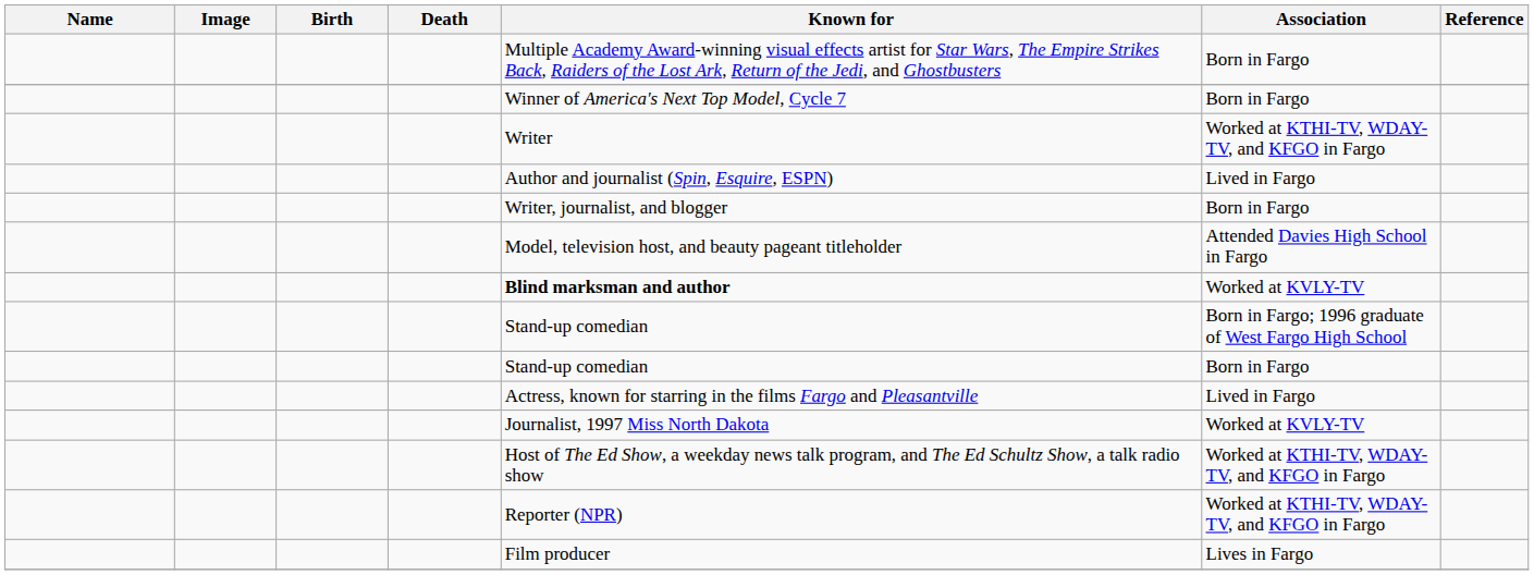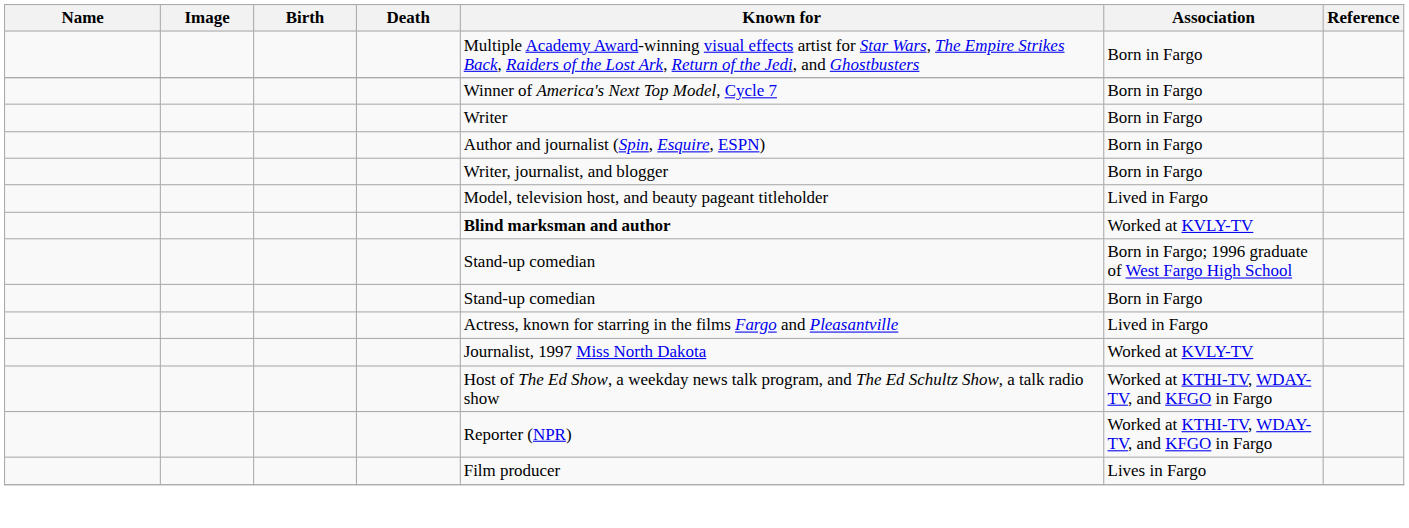 <table class="wikitable sortable">
 <tr>
 <th scope="col" width="140">Name</th>
 <th scope="col" width="80" class="unsortable">Image</th>
 <th scope="col" width="90">Birth</th>
 <th scope="col" width="90">Death</th>
 <th scope="col" width="600" class="unsortable">Known for</th>
 <th scope="col" width="200" class="unsortable">Association</th>
 <th scope="col" width="30" class="unsortable">Reference</th>
 </tr>
 <tr>
 <td></td>
 <td></td>
 <td align=right></td>
 <td></td>
 <td>Multiple <a href='#'>Academy Award</a>-winning <a href='#'>visual effects</a> artist for <em><a href='#'>Star Wars</a></em>, <em><a href='#'>The Empire Strikes Back</a></em>, <em><a href='#'>Raiders of the Lost Ark</a></em>, <em><a href='#'>Return of the Jedi</a></em>, and <em><a href='#'>Ghostbusters</a></em></td>
 <td>Born in Fargo</td>
 <td align="center"></td>
 </tr>
 <tr>
 </tr>
 <tr>
 <td></td>
 <td></td>
 <td align=right></td>
 <td></td>
 <td>Winner of <em>America's Next Top Model</em>, <a href='#'>Cycle 7</a></td>
 <td>Born in Fargo</td>
 <td align="center"></td>
 </tr>
 <tr>
 <td></td>
 <td></td>
 <td align=right></td>
 <td align=right></td>
 <td>Writer</td>
-<td>Worked at <a href='#'>KTHI-TV</a>, <a href='#'>WDAY-TV</a>, and <a href='#'>KFGO</a> in Fargo</td>
+<td>Born in Fargo</td>
 <td align="center"></td>
 </tr>
 <tr>
 <td></td>
 <td></td>
 <td align=right></td>
 <td></td>
 <td>Author and journalist (<em><a href='#'>Spin</a></em>, <em><a href='#'>Esquire</a></em>, <a href='#'>ESPN</a>)</td>
-<td>Lived in Fargo</td>
+<td>Born in Fargo</td>
 <td align="center"></td>
 </tr>
 <tr>
 <td></td>
 <td></td>
 <td align=right></td>
 <td></td>
 <td>Writer, journalist, and blogger</td>
 <td>Born in Fargo</td>
 <td align="center"></td>
 </tr>
 <tr>
 <td></td>
 <td></td>
 <td align=right></td>
 <td></td>
 <td>Model, television host, and beauty pageant titleholder</td>
-<td>Attended <a href='#'>Davies High School</a> in Fargo</td>
+<td>Lived in Fargo</td>
 <td align="center"></td>
 </tr>
 <tr>
 <td></td>
 <td></td>
 <td align=right></td>
 <td></td>
 <td><strong>Blind marksman and author</strong></td>
 <td>Worked at <a href='#'>KVLY-TV</a></td>
 <td align="center"></td>
 </tr>
 <tr>
 <td></td>
 <td></td>
 <td align=right></td>
 <td></td>
 <td>Stand-up comedian</td>
 <td>Born in Fargo; 1996 graduate of <a href='#'>West Fargo High School</a></td>
 <td align="center"></td>
 </tr>
 <tr>
 <td></td>
 <td></td>
 <td align=right></td>
 <td></td>
 <td>Stand-up comedian</td>
 <td>Born in Fargo</td>
 <td align="center"></td>
 </tr>
 <tr>
 <td></td>
 <td></td>
 <td align=right></td>
 <td></td>
 <td>Actress, known for starring in the films <em><a href='#'>Fargo</a></em> and <em><a href='#'>Pleasantville</a></em></td>
 <td>Lived in Fargo</td>
 <td align="center"></td>
 </tr>
 <tr>
 <td></td>
 <td></td>
 <td align=right></td>
 <td></td>
 <td>Journalist, 1997 <a href='#'>Miss North Dakota</a></td>
 <td>Worked at <a href='#'>KVLY-TV</a></td>
 <td align="center"></td>
 </tr>
 <tr>
 <td></td>
 <td></td>
 <td align=right></td>
 <td align=right></td>
 <td>Host of <em>The Ed Show</em>, a weekday news talk program, and <em>The Ed Schultz Show</em>, a talk radio show</td>
 <td>Worked at <a href='#'>KTHI-TV</a>, <a href='#'>WDAY-TV</a>, and <a href='#'>KFGO</a> in Fargo</td>
 <td align="center"></td>
 </tr>
 <tr>
 <td></td>
 <td></td>
 <td align=right></td>
 <td></td>
 <td>Reporter (<a href='#'>NPR</a>)</td>
 <td>Worked at <a href='#'>KTHI-TV</a>, <a href='#'>WDAY-TV</a>, and <a href='#'>KFGO</a> in Fargo</td>
 <td align="center"></td>
 </tr>
 <tr>
 <td></td>
 <td></td>
 <td align=right></td>
 <td></td>
 <td>Film producer</td>
 <td>Lives in Fargo</td>
 <td align="center"></td>
 </tr>
 <tr>
 </tr>
 </table>
